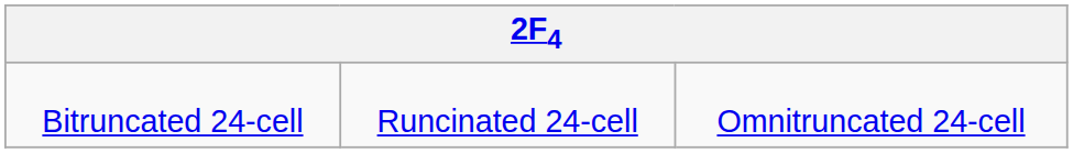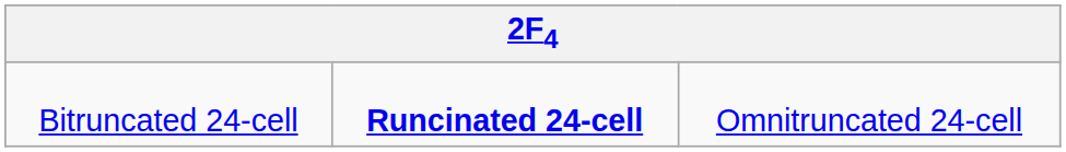 <table class=wikitable width=540>
 <tr>
 <th colspan=3><a href='#'>2F<sub>4</sub></a></th>
 </tr>
 <tr align=center valign=top>
 <td><br><a href='#'>Bitruncated 24-cell</a></td>
-<td><br><a href='#'>Runcinated 24-cell</a></td>
+<td><strong><br><a href='#'>Runcinated 24-cell</a></strong></td>
 <td><br><a href='#'>Omnitruncated 24-cell</a></td>
 </tr>
 </table>
